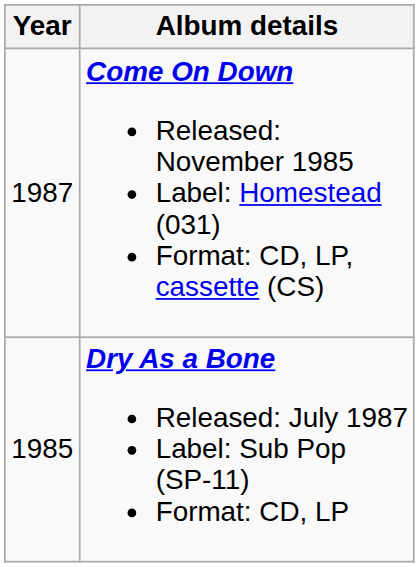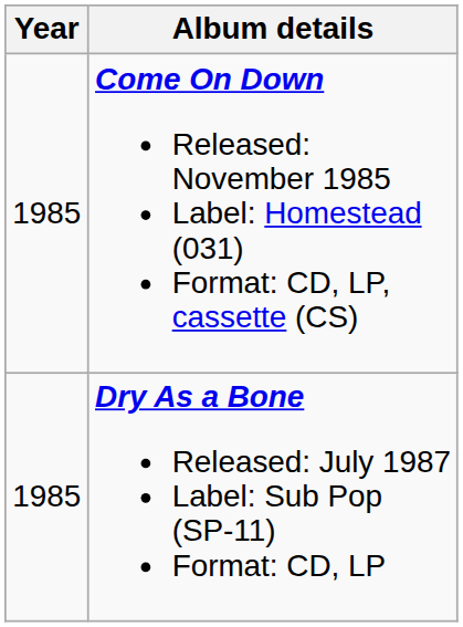 <table class ="wikitable" border="1">
 <tr>
 <th>Year</th>
 <th width="185">Album details</th>
 </tr>
 <tr>
-<td>1987</td>
+<td>1985</td>
 <td><strong><em><a href='#'>Come On Down</a></em></strong><br><ul><li>Released: November 1985</li><li>Label: <a href='#'>Homestead</a> (031)</li><li>Format: CD, LP,  <a href='#'>cassette</a> (CS)</li></ul></td>
 </tr>
 <tr>
 <td>1985</td>
 <td><strong><em><a href='#'>Dry As a Bone</a></em></strong><br><ul><li>Released: July 1987</li><li>Label: Sub Pop (SP-11)</li><li>Format: CD, LP</li></ul></td>
 </tr>
 </table>
